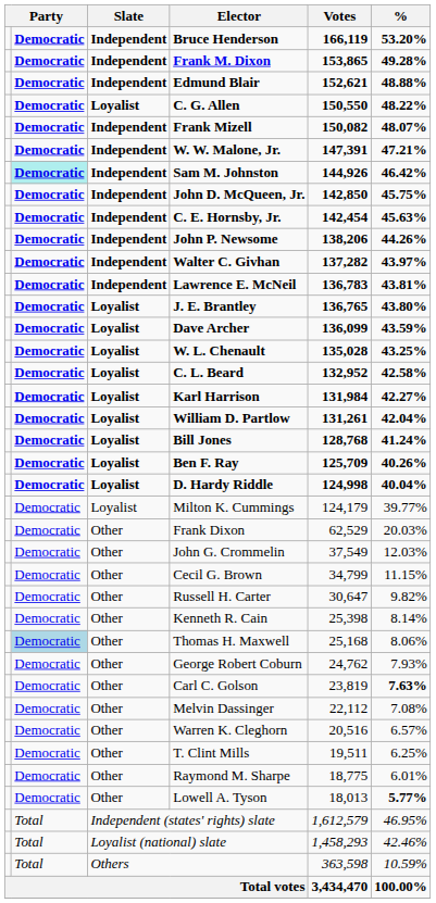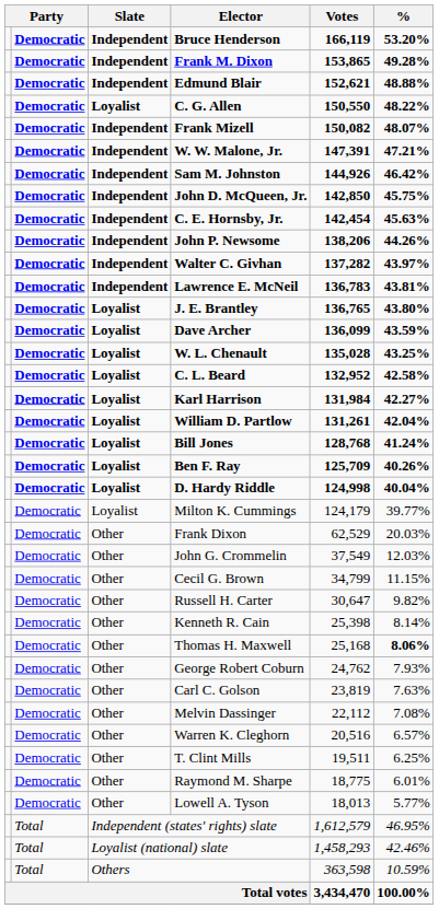 <table class="wikitable">
 <tr>
 <th colspan=2>Party</th>
 <th>Slate</th>
 <th>Elector</th>
 <th>Votes</th>
 <th>%</th>
 </tr>
 <tr style="font-weight:bold">
 <td bgcolor=></td>
 <td><a href='#'>Democratic</a></td>
 <td>Independent</td>
 <td>Bruce Henderson</td>
 <td align=right>166,119</td>
 <td align=right>53.20%</td>
 </tr>
 <tr style="font-weight:bold">
 <td bgcolor=></td>
 <td><a href='#'>Democratic</a></td>
 <td>Independent</td>
 <td><a href='#'>Frank M. Dixon</a></td>
 <td align=right>153,865</td>
 <td align=right>49.28%</td>
 </tr>
 <tr style="font-weight:bold">
 <td bgcolor=></td>
 <td><a href='#'>Democratic</a></td>
 <td>Independent</td>
 <td>Edmund Blair</td>
 <td align=right>152,621</td>
 <td align=right>48.88%</td>
 </tr>
 <tr style="font-weight:bold">
 <td bgcolor=></td>
 <td><a href='#'>Democratic</a></td>
 <td>Loyalist</td>
 <td>C. G. Allen</td>
 <td align=right>150,550</td>
 <td align=right>48.22%</td>
 </tr>
 <tr style="font-weight:bold">
 <td bgcolor=></td>
 <td><a href='#'>Democratic</a></td>
 <td>Independent</td>
 <td>Frank Mizell</td>
 <td align=right>150,082</td>
 <td align=right>48.07%</td>
 </tr>
 <tr style="font-weight:bold">
 <td bgcolor=></td>
 <td><a href='#'>Democratic</a></td>
 <td>Independent</td>
 <td>W. W. Malone, Jr.</td>
 <td align=right>147,391</td>
 <td align=right>47.21%</td>
 </tr>
 <tr style="font-weight:bold">
 <td bgcolor=></td>
-<td style="background: paleturquoise;"><a href='#'>Democratic</a></td>
+<td><a href='#'>Democratic</a></td>
 <td>Independent</td>
 <td>Sam M. Johnston</td>
 <td align=right>144,926</td>
 <td align=right>46.42%</td>
 </tr>
 <tr style="font-weight:bold">
 <td bgcolor=></td>
 <td><a href='#'>Democratic</a></td>
 <td>Independent</td>
 <td>John D. McQueen, Jr.</td>
 <td align=right>142,850</td>
 <td align=right>45.75%</td>
 </tr>
 <tr style="font-weight:bold">
 <td bgcolor=></td>
 <td><a href='#'>Democratic</a></td>
 <td>Independent</td>
 <td>C. E. Hornsby, Jr.</td>
 <td align=right>142,454</td>
 <td align=right>45.63%</td>
 </tr>
 <tr style="font-weight:bold">
 <td bgcolor=></td>
 <td><a href='#'>Democratic</a></td>
 <td>Independent</td>
 <td>John P. Newsome</td>
 <td align=right>138,206</td>
 <td align=right>44.26%</td>
 </tr>
 <tr style="font-weight:bold">
 <td bgcolor=></td>
 <td><a href='#'>Democratic</a></td>
 <td>Independent</td>
 <td>Walter C. Givhan</td>
 <td align=right>137,282</td>
 <td align=right>43.97%</td>
 </tr>
 <tr style="font-weight:bold">
 <td bgcolor=></td>
 <td><a href='#'>Democratic</a></td>
 <td>Independent</td>
 <td>Lawrence E. McNeil</td>
 <td align=right>136,783</td>
 <td align=right>43.81%</td>
 </tr>
 <tr style="font-weight:bold">
 <td bgcolor=></td>
 <td><a href='#'>Democratic</a></td>
 <td>Loyalist</td>
 <td>J. E. Brantley</td>
 <td align=right>136,765</td>
 <td align=right>43.80%</td>
 </tr>
 <tr style="font-weight:bold">
 <td bgcolor=></td>
 <td><a href='#'>Democratic</a></td>
 <td>Loyalist</td>
 <td>Dave Archer</td>
 <td align=right>136,099</td>
 <td align=right>43.59%</td>
 </tr>
 <tr style="font-weight:bold">
 <td bgcolor=></td>
 <td><a href='#'>Democratic</a></td>
 <td>Loyalist</td>
 <td>W. L. Chenault</td>
 <td align=right>135,028</td>
 <td align=right>43.25%</td>
 </tr>
 <tr style="font-weight:bold">
 <td bgcolor=></td>
 <td><a href='#'>Democratic</a></td>
 <td>Loyalist</td>
 <td>C. L. Beard</td>
 <td align=right>132,952</td>
 <td align=right>42.58%</td>
 </tr>
 <tr style="font-weight:bold">
 <td bgcolor=></td>
 <td><a href='#'>Democratic</a></td>
 <td>Loyalist</td>
 <td>Karl Harrison</td>
 <td align=right>131,984</td>
 <td align=right>42.27%</td>
 </tr>
 <tr style="font-weight:bold">
 <td bgcolor=></td>
 <td><a href='#'>Democratic</a></td>
 <td>Loyalist</td>
 <td>William D. Partlow</td>
 <td align=right>131,261</td>
 <td align=right>42.04%</td>
 </tr>
 <tr style="font-weight:bold">
 <td bgcolor=></td>
 <td><a href='#'>Democratic</a></td>
 <td>Loyalist</td>
 <td>Bill Jones</td>
 <td align=right>128,768</td>
 <td align=right>41.24%</td>
 </tr>
 <tr style="font-weight:bold">
 <td bgcolor=></td>
 <td><a href='#'>Democratic</a></td>
 <td>Loyalist</td>
 <td>Ben F. Ray</td>
 <td align=right>125,709</td>
 <td align=right>40.26%</td>
 </tr>
 <tr style="font-weight:bold">
 <td bgcolor=></td>
 <td><a href='#'>Democratic</a></td>
 <td>Loyalist</td>
 <td>D. Hardy Riddle</td>
 <td align=right>124,998</td>
 <td align=right>40.04%</td>
 </tr>
 <tr>
 <td bgcolor=></td>
 <td><a href='#'>Democratic</a></td>
 <td>Loyalist</td>
 <td>Milton K. Cummings</td>
 <td align=right>124,179</td>
 <td align=right>39.77%</td>
 </tr>
 <tr>
 <td bgcolor=></td>
 <td><a href='#'>Democratic</a></td>
 <td>Other</td>
 <td>Frank Dixon</td>
 <td align=right>62,529</td>
 <td align=right>20.03%</td>
 </tr>
 <tr>
 <td bgcolor=></td>
 <td><a href='#'>Democratic</a></td>
 <td>Other</td>
 <td>John G. Crommelin</td>
 <td align=right>37,549</td>
 <td align=right>12.03%</td>
 </tr>
 <tr>
 <td bgcolor=></td>
 <td><a href='#'>Democratic</a></td>
 <td>Other</td>
 <td>Cecil G. Brown</td>
 <td align=right>34,799</td>
 <td align=right>11.15%</td>
 </tr>
 <tr>
 <td bgcolor=></td>
 <td><a href='#'>Democratic</a></td>
 <td>Other</td>
 <td>Russell H. Carter</td>
 <td align=right>30,647</td>
 <td align=right>9.82%</td>
 </tr>
 <tr>
 <td bgcolor=></td>
 <td><a href='#'>Democratic</a></td>
 <td>Other</td>
 <td>Kenneth R. Cain</td>
 <td align=right>25,398</td>
 <td align=right>8.14%</td>
 </tr>
 <tr>
 <td bgcolor=></td>
-<td style="background: lightblue;"><a href='#'>Democratic</a></td>
+<td><a href='#'>Democratic</a></td>
 <td>Other</td>
 <td>Thomas H. Maxwell</td>
 <td align=right>25,168</td>
-<td align=right>8.06%</td>
+<td align=right><strong>8.06%</strong></td>
 </tr>
 <tr>
 <td bgcolor=></td>
 <td><a href='#'>Democratic</a></td>
 <td>Other</td>
 <td>George Robert Coburn</td>
 <td align=right>24,762</td>
 <td align=right>7.93%</td>
 </tr>
 <tr>
 <td bgcolor=></td>
 <td><a href='#'>Democratic</a></td>
 <td>Other</td>
 <td>Carl C. Golson</td>
 <td align=right>23,819</td>
-<td align=right><strong>7.63%</strong></td>
+<td align=right>7.63%</td>
 </tr>
 <tr>
 <td bgcolor=></td>
 <td><a href='#'>Democratic</a></td>
 <td>Other</td>
 <td>Melvin Dassinger</td>
 <td align=right>22,112</td>
 <td align=right>7.08%</td>
 </tr>
 <tr>
 <td bgcolor=></td>
 <td><a href='#'>Democratic</a></td>
 <td>Other</td>
 <td>Warren K. Cleghorn</td>
 <td align=right>20,516</td>
 <td align=right>6.57%</td>
 </tr>
 <tr>
 <td bgcolor=></td>
 <td><a href='#'>Democratic</a></td>
 <td>Other</td>
 <td>T. Clint Mills</td>
 <td align=right>19,511</td>
 <td align=right>6.25%</td>
 </tr>
 <tr>
 <td bgcolor=></td>
 <td><a href='#'>Democratic</a></td>
 <td>Other</td>
 <td>Raymond M. Sharpe</td>
 <td align=right>18,775</td>
 <td align=right>6.01%</td>
 </tr>
 <tr>
 <td bgcolor=></td>
 <td><a href='#'>Democratic</a></td>
 <td>Other</td>
 <td>Lowell A. Tyson</td>
 <td align=right>18,013</td>
-<td align=right><strong>5.77%</strong></td>
+<td align=right>5.77%</td>
 </tr>
 <tr>
 <td></td>
 <td><em>Total</em></td>
 <td colspan=2><em>Independent (states' rights) slate</em></td>
 <td align=right><em>1,612,579</em></td>
 <td align=right><em>46.95%</em></td>
 </tr>
 <tr>
 <td></td>
 <td><em>Total</em></td>
 <td colspan=2><em>Loyalist (national) slate</em></td>
 <td align=right><em>1,458,293</em></td>
 <td align=right><em>42.46%</em></td>
 </tr>
 <tr>
 <td></td>
 <td><em>Total</em></td>
 <td colspan=2><em>Others</em></td>
 <td align=right><em>363,598</em></td>
 <td align=right><em>10.59%</em></td>
 </tr>
 <tr>
 <th colspan=4 style=text-align:right>Total votes</th>
 <td align=right><strong>3,434,470</strong></td>
 <td align=right><strong>100.00%</strong></td>
 </tr>
 <tr>
 </tr>
 </table>
